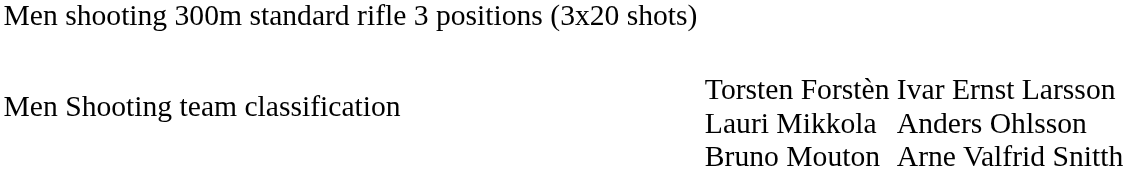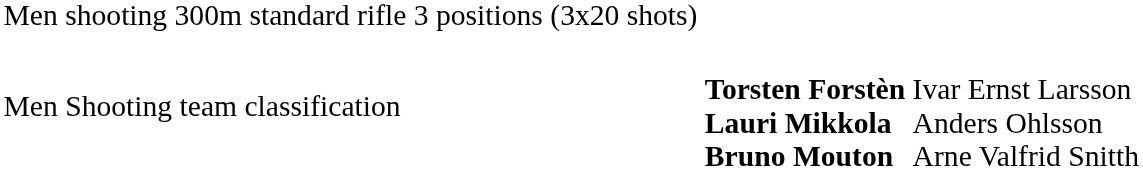 <table>
 <tr>
 <td>Men shooting 300m standard rifle 3 positions (3x20 shots)</td>
 <td></td>
 <td></td>
 <td></td>
 </tr>
 <tr>
 <td>Men Shooting team classification</td>
-<td><br>Torsten Forstèn<br>Lauri Mikkola<br>Bruno Mouton</td>
+<td><strong><br>Torsten Forstèn<br>Lauri Mikkola<br>Bruno Mouton</strong></td>
 <td><br>Ivar Ernst Larsson<br>Anders Ohlsson<br>Arne Valfrid Snitth</td>
 </tr>
 </table>
